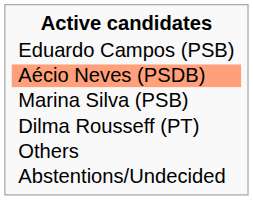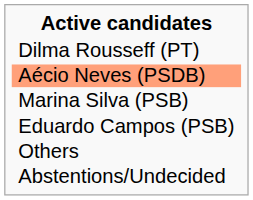 <table style="float; margin-left: 1em; margin-bottom: 0.5em" class="infobox">
 <tr>
 <td style="text-align: center"><span><strong>Active candidates</strong></span></td>
 </tr>
 <tr>
-<td style="padding: 0 5px;"> Eduardo Campos (PSB)</td>
+<td style="padding: 0 5px;"> Dilma Rousseff (PT)</td>
 </tr>
 <tr>
 <td style="background: lightsalmon; padding: 0 5px;"> Aécio Neves (PSDB)</td>
 </tr>
 <tr>
 <td style="padding: 0 5px;"> Marina Silva (PSB)</td>
 </tr>
 <tr>
-<td style="padding: 0 5px;"> Dilma Rousseff (PT)</td>
+<td style="padding: 0 5px;"> Eduardo Campos (PSB)</td>
 </tr>
 <tr>
 <td style="padding: 0 5px;"> Others</td>
 </tr>
 <tr>
 <td style="padding: 0 5px;"> Abstentions/Undecided</td>
 </tr>
 </table>
